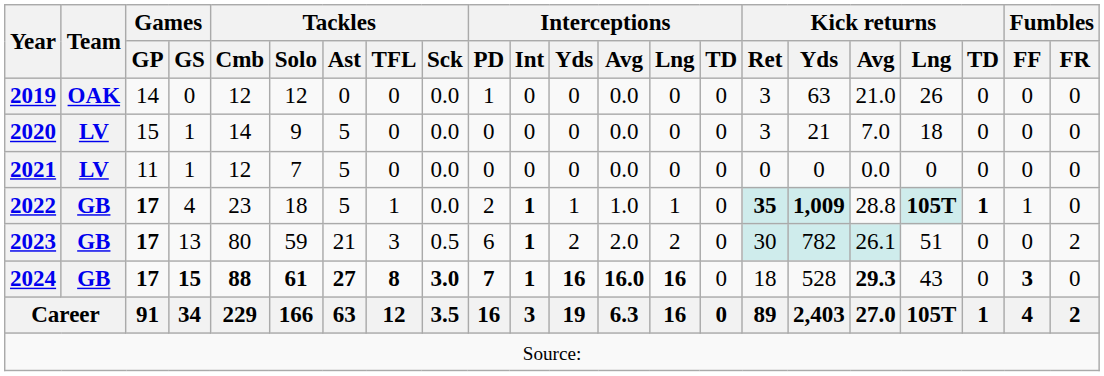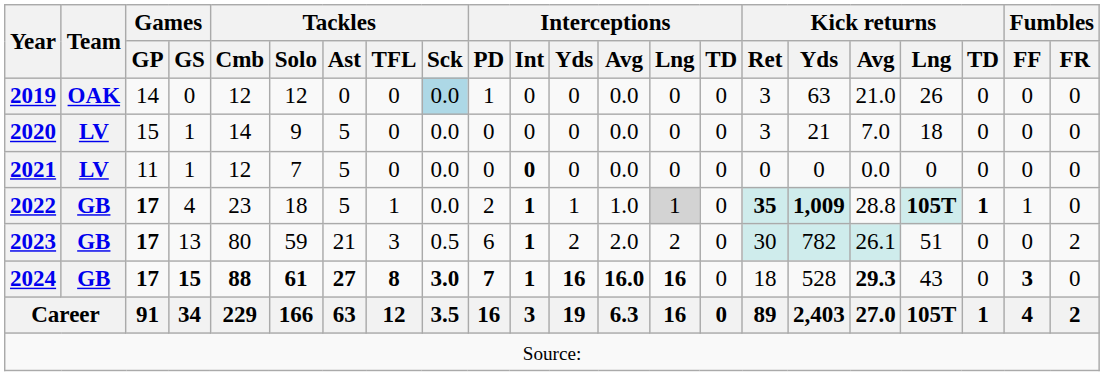 <table class="wikitable" style="text-align: center;">
 <tr>
 <th rowspan="2">Year</th>
 <th rowspan="2">Team</th>
 <th colspan="2">Games</th>
 <th colspan="5">Tackles</th>
 <th colspan="6">Interceptions</th>
 <th colspan="5">Kick returns</th>
 <th colspan="2">Fumbles</th>
 </tr>
 <tr>
 <th>GP</th>
 <th>GS</th>
 <th>Cmb</th>
 <th>Solo</th>
 <th>Ast</th>
 <th>TFL</th>
 <th>Sck</th>
 <th>PD</th>
 <th>Int</th>
 <th>Yds</th>
 <th>Avg</th>
 <th>Lng</th>
 <th>TD</th>
 <th>Ret</th>
 <th>Yds</th>
 <th>Avg</th>
 <th>Lng</th>
 <th>TD</th>
 <th>FF</th>
 <th>FR</th>
 </tr>
 <tr>
 <th><a href='#'>2019</a></th>
 <th><a href='#'>OAK</a></th>
 <td>14</td>
 <td>0</td>
 <td>12</td>
 <td>12</td>
 <td>0</td>
 <td>0</td>
-<td>0.0</td>
+<td style="background: lightblue;">0.0</td>
 <td>1</td>
 <td>0</td>
 <td>0</td>
 <td>0.0</td>
 <td>0</td>
 <td>0</td>
 <td>3</td>
 <td>63</td>
 <td>21.0</td>
 <td>26</td>
 <td>0</td>
 <td>0</td>
 <td>0</td>
 </tr>
 <tr>
 <th><a href='#'>2020</a></th>
 <th><a href='#'>LV</a></th>
 <td>15</td>
 <td>1</td>
 <td>14</td>
 <td>9</td>
 <td>5</td>
 <td>0</td>
 <td>0.0</td>
 <td>0</td>
 <td>0</td>
 <td>0</td>
 <td>0.0</td>
 <td>0</td>
 <td>0</td>
 <td>3</td>
 <td>21</td>
 <td>7.0</td>
 <td>18</td>
 <td>0</td>
 <td>0</td>
 <td>0</td>
 </tr>
 <tr>
 <th><a href='#'>2021</a></th>
 <th><a href='#'>LV</a></th>
 <td>11</td>
 <td>1</td>
 <td>12</td>
 <td>7</td>
 <td>5</td>
 <td>0</td>
 <td>0.0</td>
 <td>0</td>
-<td>0</td>
+<td><strong>0</strong></td>
 <td>0</td>
 <td>0.0</td>
 <td>0</td>
 <td>0</td>
 <td>0</td>
 <td>0</td>
 <td>0.0</td>
 <td>0</td>
 <td>0</td>
 <td>0</td>
 <td>0</td>
 </tr>
 <tr>
 <th><a href='#'>2022</a></th>
 <th><a href='#'>GB</a></th>
 <td><strong>17</strong></td>
 <td>4</td>
 <td>23</td>
 <td>18</td>
 <td>5</td>
 <td>1</td>
 <td>0.0</td>
 <td>2</td>
 <td><strong>1</strong></td>
 <td>1</td>
 <td>1.0</td>
-<td>1</td>
+<td style="background: lightgrey;">1</td>
 <td>0</td>
 <td style="background:#cfecec;"><strong>35</strong></td>
 <td style="background:#cfecec;"><strong>1,009</strong></td>
 <td>28.8</td>
 <td style="background:#cfecec;"><strong>105T</strong></td>
 <td><strong>1</strong></td>
 <td>1</td>
 <td>0</td>
 </tr>
 <tr>
 <th><a href='#'>2023</a></th>
 <th><a href='#'>GB</a></th>
 <td><strong>17</strong></td>
 <td>13</td>
 <td>80</td>
 <td>59</td>
 <td>21</td>
 <td>3</td>
 <td>0.5</td>
 <td>6</td>
 <td><strong>1</strong></td>
 <td>2</td>
 <td>2.0</td>
 <td>2</td>
 <td>0</td>
 <td style="background:#cfecec;">30</td>
 <td style="background:#cfecec;">782</td>
 <td style="background:#cfecec;">26.1</td>
 <td>51</td>
 <td>0</td>
 <td>0</td>
 <td>2</td>
 </tr>
 <tr>
 <th><a href='#'>2024</a></th>
 <th><a href='#'>GB</a></th>
 <td><strong>17</strong></td>
 <td><strong>15</strong></td>
 <td><strong>88</strong></td>
 <td><strong>61</strong></td>
 <td><strong>27</strong></td>
 <td><strong>8</strong></td>
 <td><strong>3.0</strong></td>
 <td><strong>7</strong></td>
 <td><strong>1</strong></td>
 <td><strong>16</strong></td>
 <td><strong>16.0</strong></td>
 <td><strong>16</strong></td>
 <td>0</td>
 <td>18</td>
 <td>528</td>
 <td><strong>29.3</strong></td>
 <td>43</td>
 <td>0</td>
 <td><strong>3</strong></td>
 <td>0</td>
 </tr>
 <tr>
 <th colspan="2">Career</th>
 <th>91</th>
 <th>34</th>
 <th>229</th>
 <th>166</th>
 <th>63</th>
 <th>12</th>
 <th>3.5</th>
 <th>16</th>
 <th>3</th>
 <th>19</th>
 <th>6.3</th>
 <th>16</th>
 <th>0</th>
 <th>89</th>
 <th>2,403</th>
 <th>27.0</th>
 <th>105T</th>
 <th>1</th>
 <th>4</th>
 <th>2</th>
 </tr>
 <tr>
 <td colspan="23"><small>Source: </small></td>
 </tr>
 </table>
